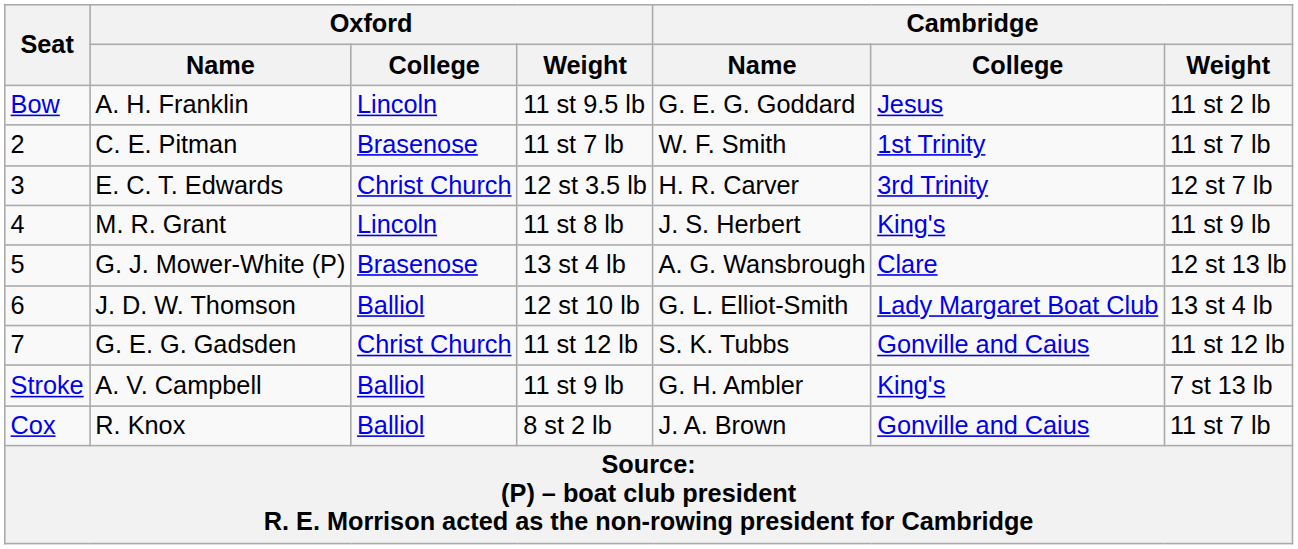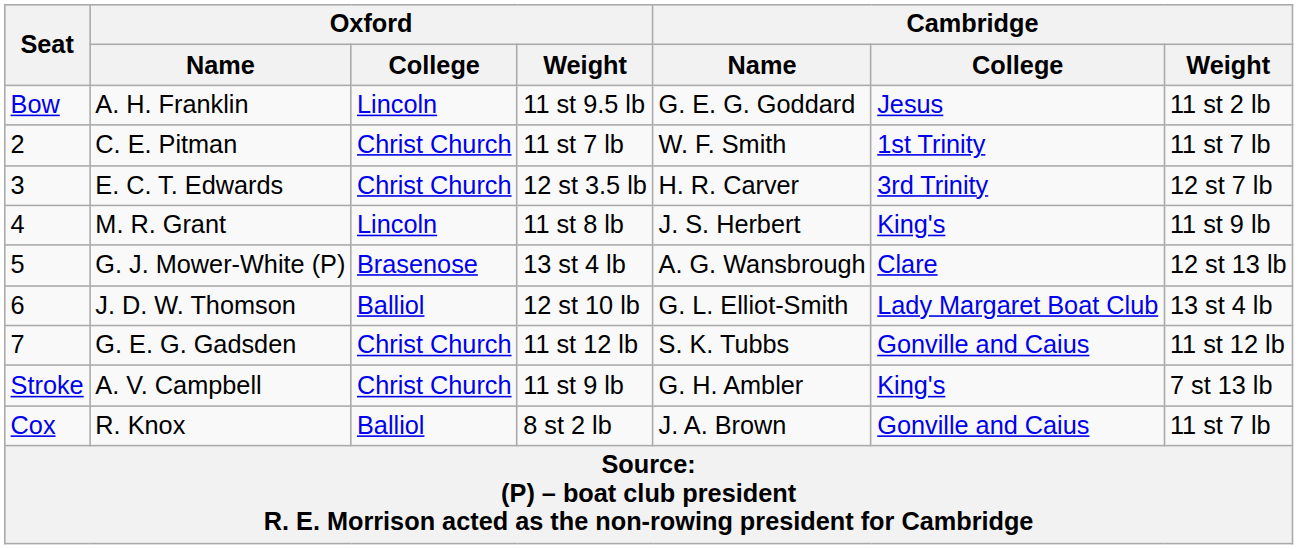 <table class="wikitable">
 <tr>
 <th rowspan="2" scope="col">Seat</th>
 <th colspan="3" scope="col">Oxford <br> </th>
 <th colspan="3" scope="col">Cambridge <br> </th>
 </tr>
 <tr>
 <th>Name</th>
 <th>College</th>
 <th>Weight</th>
 <th>Name</th>
 <th>College</th>
 <th>Weight</th>
 </tr>
 <tr>
 <td><a href='#'>Bow</a></td>
 <td>A. H. Franklin</td>
 <td><a href='#'>Lincoln</a></td>
 <td>11 st 9.5 lb</td>
 <td>G. E. G. Goddard</td>
 <td><a href='#'>Jesus</a></td>
 <td>11 st 2 lb</td>
 </tr>
 <tr>
 <td>2</td>
 <td>C. E. Pitman</td>
-<td><a href='#'>Brasenose</a></td>
+<td><a href='#'>Christ Church</a></td>
 <td>11 st 7 lb</td>
 <td>W. F. Smith</td>
 <td><a href='#'>1st Trinity</a></td>
 <td>11 st 7 lb</td>
 </tr>
 <tr>
 <td>3</td>
 <td>E. C. T. Edwards</td>
 <td><a href='#'>Christ Church</a></td>
 <td>12 st 3.5 lb</td>
 <td>H. R. Carver</td>
 <td><a href='#'>3rd Trinity</a></td>
 <td>12 st 7 lb</td>
 </tr>
 <tr>
 <td>4</td>
 <td>M. R. Grant</td>
 <td><a href='#'>Lincoln</a></td>
 <td>11 st 8 lb</td>
 <td>J. S. Herbert</td>
 <td><a href='#'>King's</a></td>
 <td>11 st 9 lb</td>
 </tr>
 <tr>
 <td>5</td>
 <td>G. J. Mower-White (P)</td>
 <td><a href='#'>Brasenose</a></td>
 <td>13 st 4 lb</td>
 <td>A. G. Wansbrough</td>
 <td><a href='#'>Clare</a></td>
 <td>12 st 13 lb</td>
 </tr>
 <tr>
 <td>6</td>
 <td>J. D. W. Thomson</td>
 <td><a href='#'>Balliol</a></td>
 <td>12 st 10 lb</td>
 <td>G. L. Elliot-Smith</td>
 <td><a href='#'>Lady Margaret Boat Club</a></td>
 <td>13 st 4 lb</td>
 </tr>
 <tr>
 <td>7</td>
 <td>G. E. G. Gadsden</td>
 <td><a href='#'>Christ Church</a></td>
 <td>11 st 12 lb</td>
 <td>S. K. Tubbs</td>
 <td><a href='#'>Gonville and Caius</a></td>
 <td>11 st 12 lb</td>
 </tr>
 <tr>
 <td><a href='#'>Stroke</a></td>
 <td>A. V. Campbell</td>
-<td><a href='#'>Balliol</a></td>
+<td><a href='#'>Christ Church</a></td>
 <td>11 st 9 lb</td>
 <td>G. H. Ambler</td>
 <td><a href='#'>King's</a></td>
 <td>7 st 13 lb</td>
 </tr>
 <tr>
 <td><a href='#'>Cox</a></td>
 <td>R. Knox</td>
 <td><a href='#'>Balliol</a></td>
 <td>8 st 2 lb</td>
 <td>J. A. Brown</td>
 <td><a href='#'>Gonville and Caius</a></td>
 <td>11 st 7 lb</td>
 </tr>
 <tr>
 <th colspan="7">Source:<br>(P) – boat club president<br>R. E. Morrison acted as the non-rowing president for Cambridge</th>
 </tr>
 </table>
